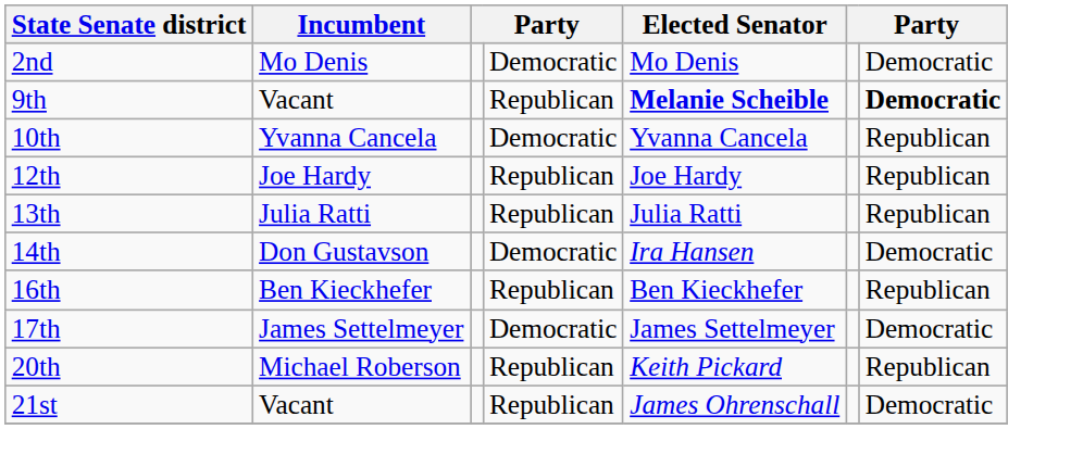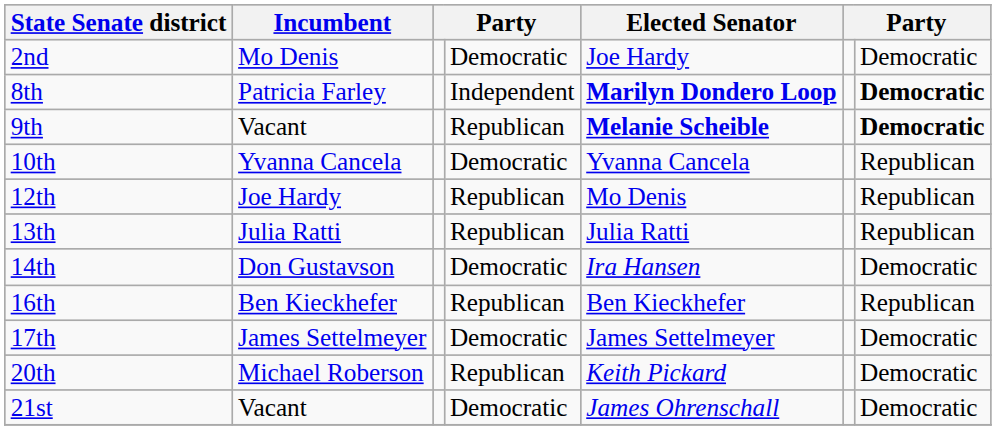 <table class="sortable wikitable" style="font-size:95%;line-height:14px;">
 <tr>
 <th class="sortable"><a href='#'>State Senate</a> district</th>
 <th class="unsortable"><a href='#'>Incumbent</a></th>
 <th colspan="2">Party</th>
 <th class="unsortable">Elected Senator</th>
 <th colspan="2">Party</th>
 </tr>
 <tr>
 <td><a href='#'>2nd</a></td>
 <td><a href='#'>Mo Denis</a></td>
 <td style="background:"></td>
 <td>Democratic</td>
-<td><a href='#'>Mo Denis</a></td>
+<td><a href='#'>Joe Hardy</a></td>
 <td style="background:"></td>
 <td>Democratic</td>
+</tr>
+<tr>
+<td><a href='#'>8th</a></td>
+<td><a href='#'>Patricia Farley</a></td>
+<td style="background:"></td>
+<td>Independent</td>
+<td><strong><a href='#'>Marilyn Dondero Loop</a></strong></td>
+<td style="background:"></td>
+<td><strong>Democratic</strong></td>
 </tr>
 <tr>
 <td><a href='#'>9th</a></td>
 <td>Vacant</td>
 <td style="background:"></td>
 <td>Republican</td>
 <td><strong><a href='#'>Melanie Scheible</a></strong></td>
 <td style="background:"></td>
 <td><strong>Democratic</strong></td>
 </tr>
 <tr>
 <td><a href='#'>10th</a></td>
 <td><a href='#'>Yvanna Cancela</a></td>
 <td style="background:"></td>
 <td>Democratic</td>
 <td><a href='#'>Yvanna Cancela</a></td>
 <td style="background:"></td>
 <td>Republican</td>
 </tr>
 <tr>
 <td><a href='#'>12th</a></td>
 <td><a href='#'>Joe Hardy</a></td>
 <td style="background:"></td>
 <td>Republican</td>
-<td><a href='#'>Joe Hardy</a></td>
+<td><a href='#'>Mo Denis</a></td>
 <td style="background:"></td>
 <td>Republican</td>
 </tr>
 <tr>
 <td><a href='#'>13th</a></td>
 <td><a href='#'>Julia Ratti</a></td>
 <td style="background:"></td>
 <td>Republican</td>
 <td><a href='#'>Julia Ratti</a></td>
 <td style="background:"></td>
 <td>Republican</td>
 </tr>
 <tr>
 <td><a href='#'>14th</a></td>
 <td><a href='#'>Don Gustavson</a></td>
 <td style="background:"></td>
 <td>Democratic</td>
 <td><em><a href='#'>Ira Hansen</a></em></td>
 <td style="background:"></td>
 <td>Democratic</td>
 </tr>
 <tr>
 <td><a href='#'>16th</a></td>
 <td><a href='#'>Ben Kieckhefer</a></td>
 <td style="background:"></td>
 <td>Republican</td>
 <td><a href='#'>Ben Kieckhefer</a></td>
 <td style="background:"></td>
 <td>Republican</td>
 </tr>
 <tr>
 <td><a href='#'>17th</a></td>
 <td><a href='#'>James Settelmeyer</a></td>
 <td style="background:"></td>
 <td>Democratic</td>
 <td><a href='#'>James Settelmeyer</a></td>
 <td style="background:"></td>
 <td>Democratic</td>
 </tr>
 <tr>
 <td><a href='#'>20th</a></td>
 <td><a href='#'>Michael Roberson</a></td>
 <td style="background:"></td>
 <td>Republican</td>
 <td><em><a href='#'>Keith Pickard</a></em></td>
 <td style="background:"></td>
-<td>Republican</td>
+<td>Democratic</td>
 </tr>
 <tr>
 <td><a href='#'>21st</a></td>
 <td>Vacant</td>
 <td style="background:"></td>
-<td>Republican</td>
+<td>Democratic</td>
 <td><em><a href='#'>James Ohrenschall</a></em></td>
 <td style="background:"></td>
 <td>Democratic</td>
 </tr>
 <tr>
 </tr>
 </table>
